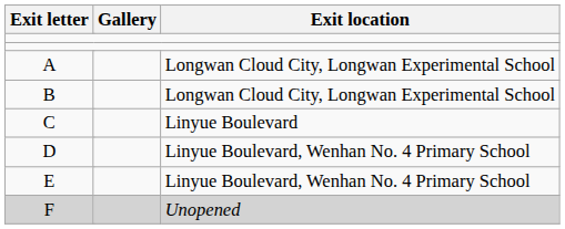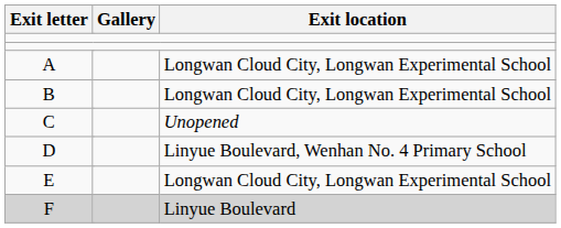 <table class="wikitable">
 <tr>
 <th colspan=2 style="width:70px">Exit letter</th>
 <th>Gallery</th>
 <th>Exit location</th>
 </tr>
 <tr style="background:#">
 <td colspan="4"></td>
 </tr>
 <tr style="background:#">
 <td colspan="4"></td>
 </tr>
 <tr>
 <td colspan=2 align=center>A</td>
 <td></td>
 <td>Longwan Cloud City, Longwan Experimental School</td>
 </tr>
 <tr>
 <td colspan=2 align=center>B</td>
 <td></td>
 <td>Longwan Cloud City, Longwan Experimental School</td>
 </tr>
 <tr>
 <td colspan=2 align=center>C</td>
 <td></td>
-<td>Linyue Boulevard</td>
+<td><em>Unopened</em></td>
 </tr>
 <tr>
 <td colspan=2 align=center>D</td>
 <td></td>
 <td>Linyue Boulevard, Wenhan No. 4 Primary School</td>
 </tr>
 <tr>
 <td colspan=2 align=center>E</td>
 <td></td>
-<td>Linyue Boulevard, Wenhan No. 4 Primary School</td>
+<td>Longwan Cloud City, Longwan Experimental School</td>
 </tr>
 <tr bgcolor="lightgrey">
 <td colspan=2 align=center>F</td>
 <td></td>
-<td><em>Unopened</em></td>
+<td>Linyue Boulevard</td>
 </tr>
 </table>
